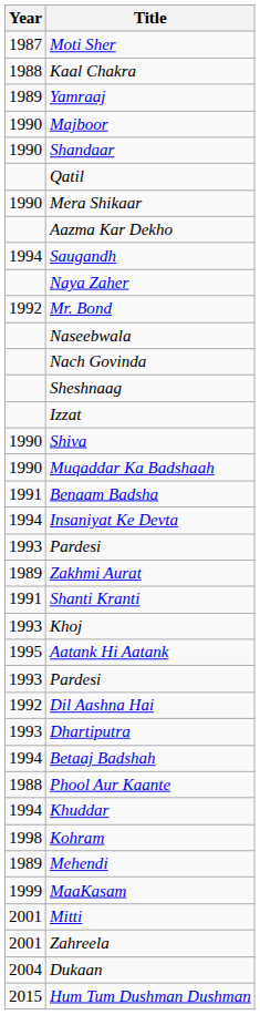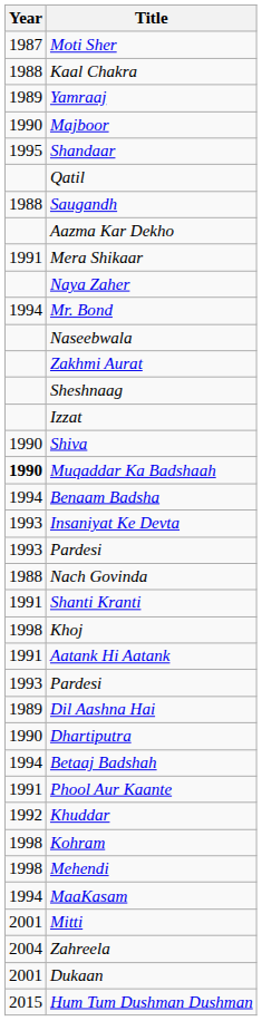 <table class="wikitable sortable">
 <tr>
 <th>Year</th>
 <th>Title</th>
 </tr>
 <tr>
 <td>1987</td>
 <td><em><a href='#'>Moti Sher</a></em></td>
 </tr>
 <tr>
 <td>1988</td>
 <td><em>Kaal Chakra</em></td>
 </tr>
 <tr>
 <td>1989</td>
 <td><em><a href='#'>Yamraaj</a></em></td>
 </tr>
 <tr>
 <td>1990</td>
 <td><em><a href='#'>Majboor</a></em></td>
 </tr>
 <tr>
-<td>1990</td>
+<td>1995</td>
 <td><em><a href='#'>Shandaar</a></em></td>
 </tr>
 <tr>
 <td></td>
 <td><em>Qatil</em></td>
 </tr>
 <tr>
-<td>1990</td>
-<td><em>Mera Shikaar</em></td>
+<td>1988</td>
+<td><em><a href='#'>Saugandh</a></em></td>
 </tr>
 <tr>
 <td></td>
 <td><em>Aazma Kar Dekho</em></td>
 </tr>
 <tr>
-<td>1994</td>
-<td><em><a href='#'>Saugandh</a></em></td>
+<td>1991</td>
+<td><em>Mera Shikaar</em></td>
 </tr>
 <tr>
 <td></td>
 <td><em><a href='#'>Naya Zaher</a></em></td>
 </tr>
 <tr>
-<td>1992</td>
+<td>1994</td>
 <td><em><a href='#'>Mr. Bond</a></em></td>
 </tr>
 <tr>
 <td></td>
 <td><em>Naseebwala</em></td>
 </tr>
 <tr>
 <td></td>
-<td><em>Nach Govinda</em></td>
+<td><em><a href='#'>Zakhmi Aurat</a></em></td>
 </tr>
 <tr>
 <td></td>
 <td><em>Sheshnaag</em></td>
 </tr>
 <tr>
 <td></td>
 <td><em>Izzat</em></td>
 </tr>
 <tr>
 <td>1990</td>
 <td><em><a href='#'>Shiva</a></em></td>
 </tr>
 <tr>
-<td>1990</td>
+<td><strong>1990</strong></td>
 <td><em><a href='#'>Muqaddar Ka Badshaah</a></em></td>
 </tr>
 <tr>
-<td>1991</td>
+<td>1994</td>
 <td><em><a href='#'>Benaam Badsha</a></em></td>
 </tr>
 <tr>
-<td>1994</td>
+<td>1993</td>
 <td><em><a href='#'>Insaniyat Ke Devta</a></em></td>
 </tr>
 <tr>
 <td>1993</td>
 <td><em>Pardesi</em></td>
 </tr>
 <tr>
-<td>1989</td>
-<td><em><a href='#'>Zakhmi Aurat</a></em></td>
+<td>1988</td>
+<td><em>Nach Govinda</em></td>
 </tr>
 <tr>
 <td>1991</td>
 <td><em><a href='#'>Shanti Kranti</a></em></td>
 </tr>
 <tr>
-<td>1993</td>
+<td>1998</td>
 <td><em>Khoj</em></td>
 </tr>
 <tr>
-<td>1995</td>
+<td>1991</td>
 <td><em><a href='#'>Aatank Hi Aatank</a></em></td>
 </tr>
 <tr>
 <td>1993</td>
 <td><em>Pardesi</em></td>
 </tr>
 <tr>
-<td>1992</td>
+<td>1989</td>
 <td><em><a href='#'>Dil Aashna Hai</a></em></td>
 </tr>
 <tr>
-<td>1993</td>
+<td>1990</td>
 <td><em><a href='#'>Dhartiputra</a></em></td>
 </tr>
 <tr>
 <td>1994</td>
 <td><em><a href='#'>Betaaj Badshah</a></em></td>
 </tr>
 <tr>
-<td>1988</td>
+<td>1991</td>
 <td><em><a href='#'>Phool Aur Kaante</a></em></td>
 </tr>
 <tr>
-<td>1994</td>
+<td>1992</td>
 <td><em><a href='#'>Khuddar</a></em></td>
 </tr>
 <tr>
 <td>1998</td>
 <td><em><a href='#'>Kohram</a></em></td>
 </tr>
 <tr>
-<td>1989</td>
+<td>1998</td>
 <td><em><a href='#'>Mehendi</a></em></td>
 </tr>
 <tr>
-<td>1999</td>
+<td>1994</td>
 <td><em><a href='#'>MaaKasam</a></em></td>
 </tr>
 <tr>
 <td>2001</td>
 <td><em><a href='#'>Mitti</a></em></td>
 </tr>
 <tr>
-<td>2001</td>
+<td>2004</td>
 <td><em>Zahreela</em></td>
 </tr>
 <tr>
-<td>2004</td>
+<td>2001</td>
 <td><em>Dukaan</em></td>
 </tr>
 <tr>
 <td>2015</td>
 <td><em><a href='#'>Hum Tum Dushman Dushman</a></em></td>
 </tr>
 </table>
